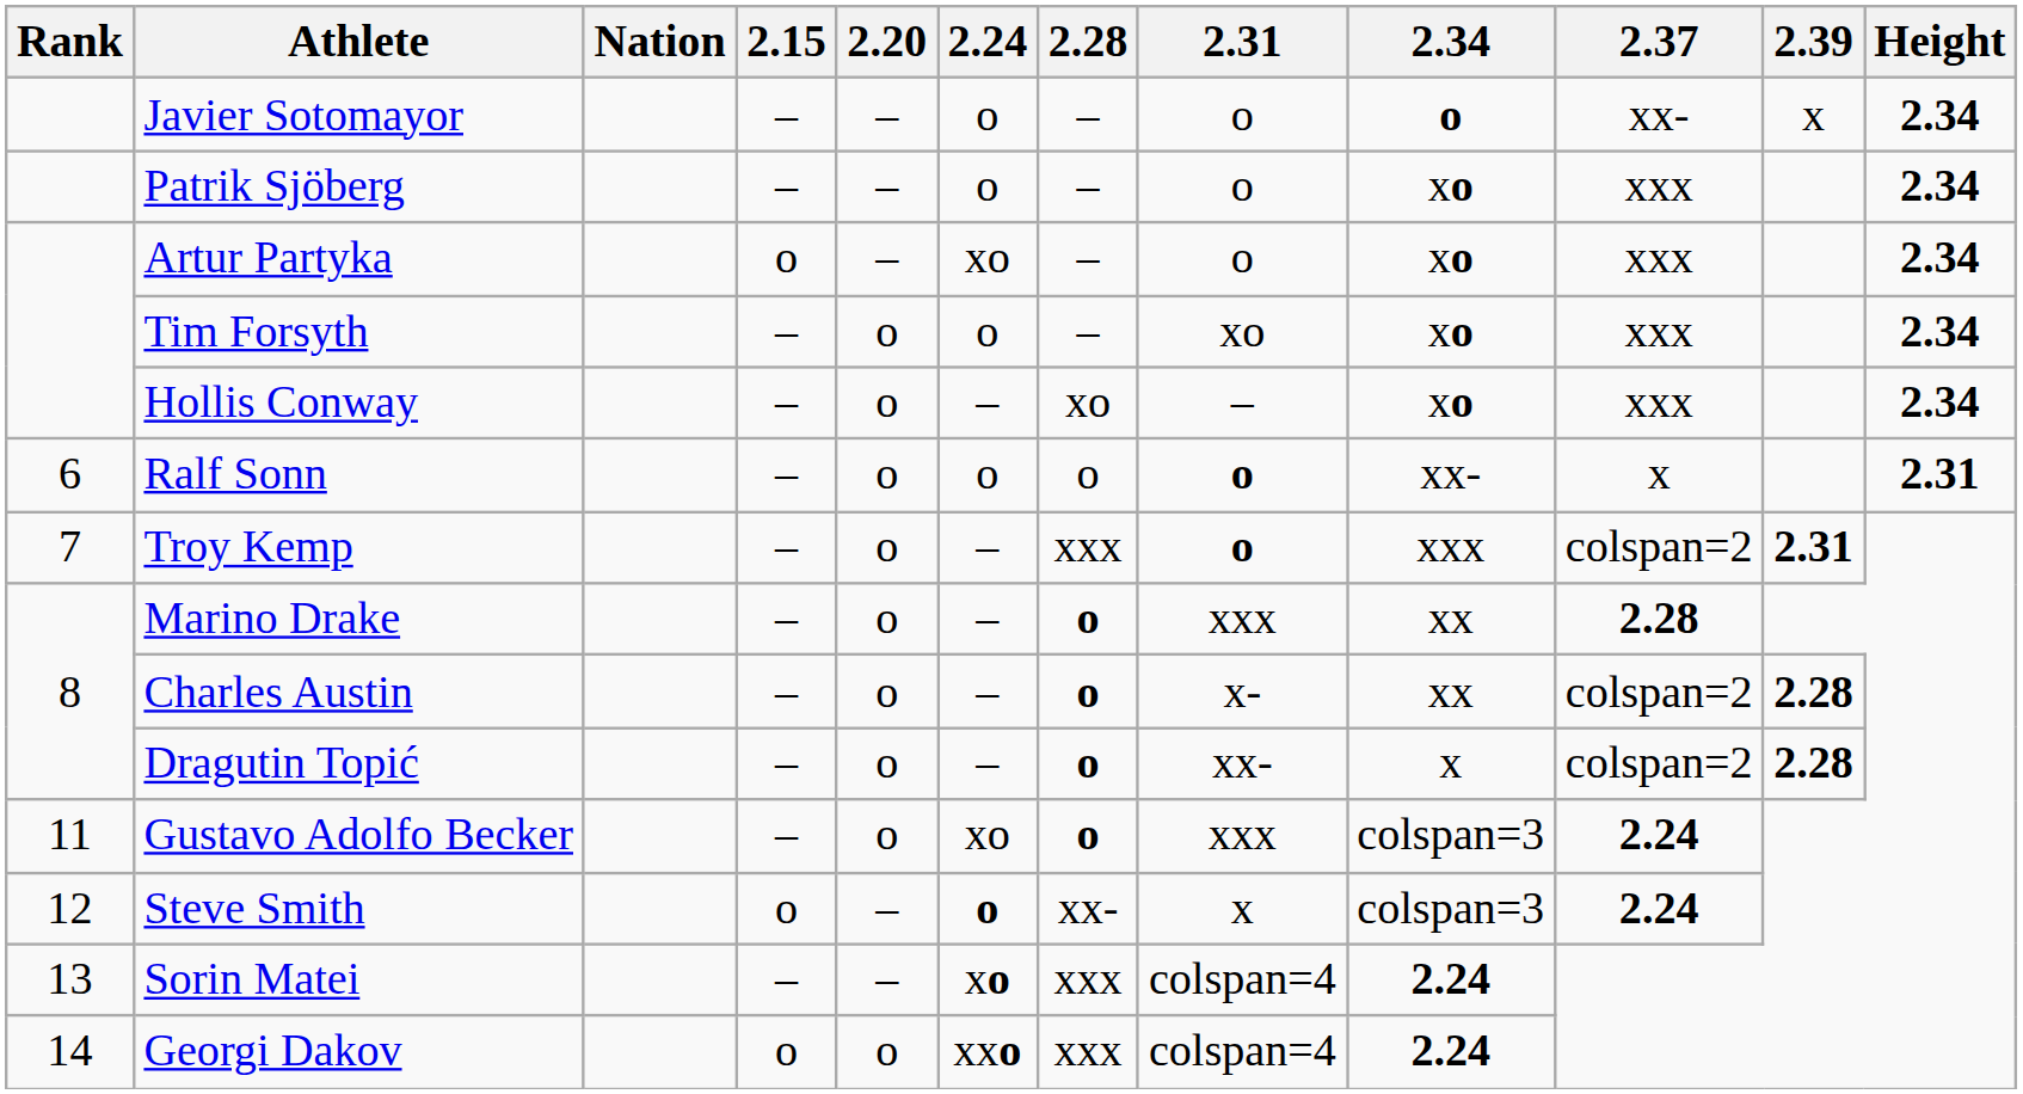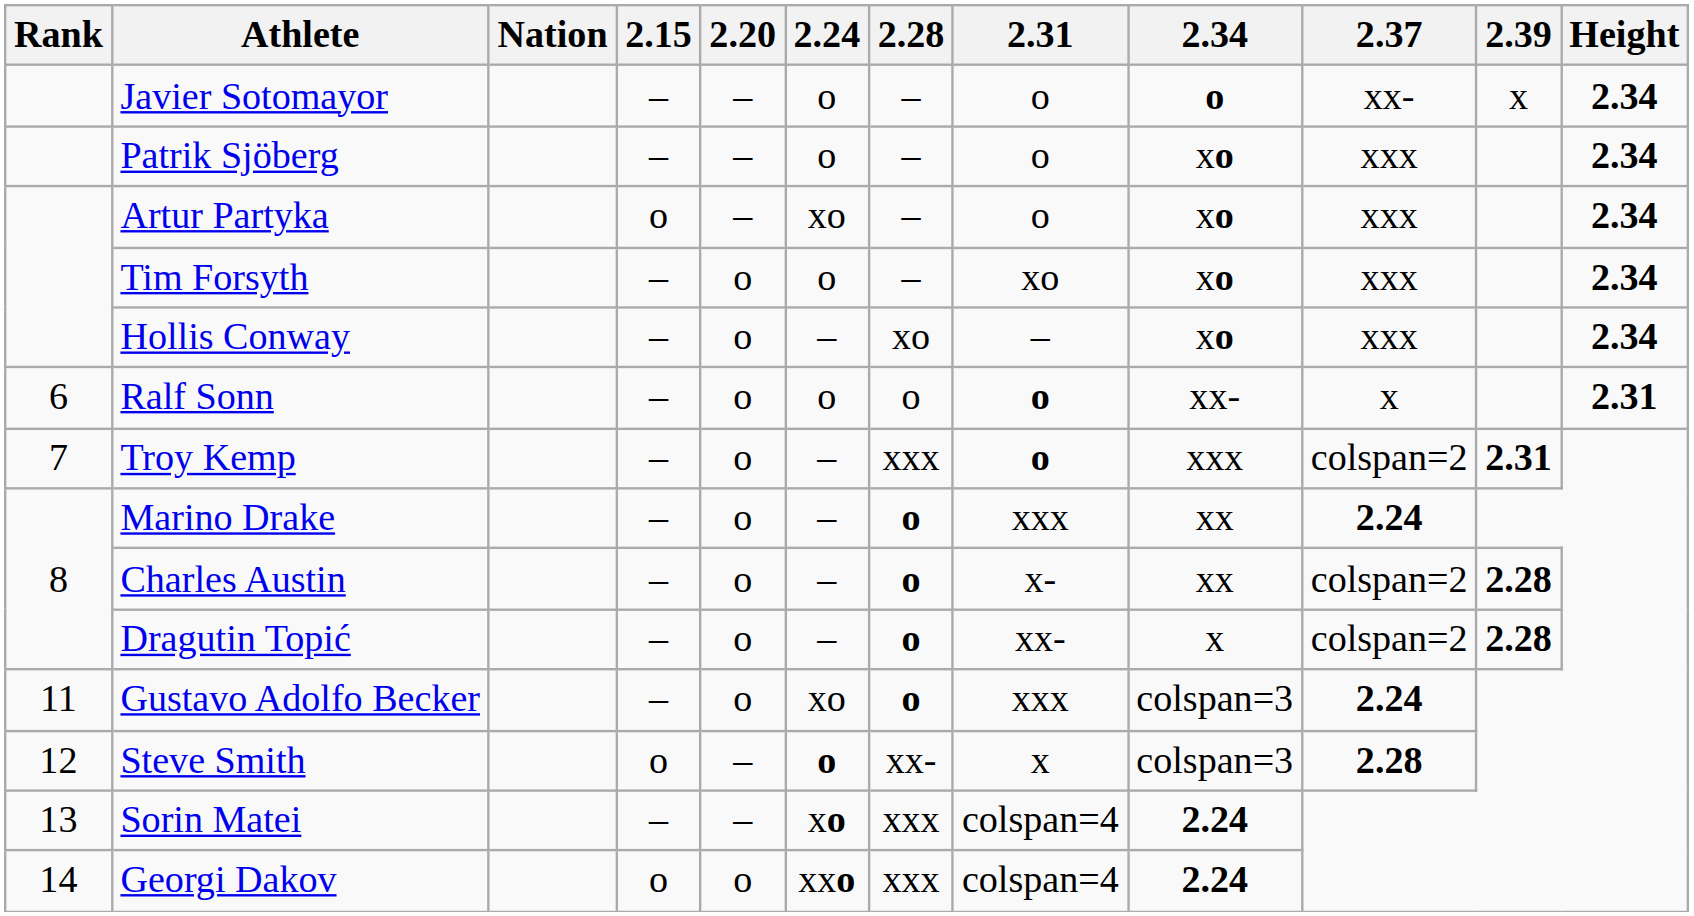 <table class="wikitable sortable" style="text-align:center">
 <tr>
 <th>Rank</th>
 <th>Athlete</th>
 <th>Nation</th>
 <th>2.15</th>
 <th>2.20</th>
 <th>2.24</th>
 <th>2.28</th>
 <th>2.31</th>
 <th>2.34</th>
 <th>2.37</th>
 <th>2.39</th>
 <th>Height</th>
 </tr>
 <tr>
 <td></td>
 <td align="left"><a href='#'>Javier Sotomayor</a></td>
 <td align=left></td>
 <td>–</td>
 <td>–</td>
 <td>o</td>
 <td>–</td>
 <td>o</td>
 <td><strong>o</strong></td>
 <td>xx-</td>
 <td>x</td>
 <td><strong>2.34</strong></td>
 </tr>
 <tr>
 <td></td>
 <td align="left"><a href='#'>Patrik Sjöberg</a></td>
 <td align=left></td>
 <td>–</td>
 <td>–</td>
 <td>o</td>
 <td>–</td>
 <td>o</td>
 <td>x<strong>o</strong></td>
 <td>xxx</td>
 <td></td>
 <td><strong>2.34</strong></td>
 </tr>
 <tr>
 <td rowspan=3></td>
 <td align="left"><a href='#'>Artur Partyka</a></td>
 <td align=left></td>
 <td>o</td>
 <td>–</td>
 <td>xo</td>
 <td>–</td>
 <td>o</td>
 <td>x<strong>o</strong></td>
 <td>xxx</td>
 <td></td>
 <td><strong>2.34</strong></td>
 </tr>
 <tr>
 <td align="left"><a href='#'>Tim Forsyth</a></td>
 <td align=left></td>
 <td>–</td>
 <td>o</td>
 <td>o</td>
 <td>–</td>
 <td>xo</td>
 <td>x<strong>o</strong></td>
 <td>xxx</td>
 <td></td>
 <td><strong>2.34</strong></td>
 </tr>
 <tr>
 <td align="left"><a href='#'>Hollis Conway</a></td>
 <td align=left></td>
 <td>–</td>
 <td>o</td>
 <td>–</td>
 <td>xo</td>
 <td>–</td>
 <td>x<strong>o</strong></td>
 <td>xxx</td>
 <td></td>
 <td><strong>2.34</strong></td>
 </tr>
 <tr>
 <td>6</td>
 <td align="left"><a href='#'>Ralf Sonn</a></td>
 <td align=left></td>
 <td>–</td>
 <td>o</td>
 <td>o</td>
 <td>o</td>
 <td><strong>o</strong></td>
 <td>xx-</td>
 <td>x</td>
 <td></td>
 <td><strong>2.31</strong></td>
 </tr>
 <tr>
 <td>7</td>
 <td align="left"><a href='#'>Troy Kemp</a></td>
 <td align=left></td>
 <td>–</td>
 <td>o</td>
 <td>–</td>
 <td>xxx</td>
 <td><strong>o</strong></td>
 <td>xxx</td>
 <td>colspan=2 </td>
 <td><strong>2.31</strong></td>
 </tr>
 <tr>
 <td rowspan=3>8</td>
 <td align="left"><a href='#'>Marino Drake</a></td>
 <td align=left></td>
 <td>–</td>
 <td>o</td>
 <td>–</td>
 <td><strong>o</strong></td>
 <td>xxx</td>
 <td>xx</td>
-<td><strong>2.28</strong></td>
+<td><strong>2.24</strong></td>
 </tr>
 <tr>
 <td align="left"><a href='#'>Charles Austin</a></td>
 <td align=left></td>
 <td>–</td>
 <td>o</td>
 <td>–</td>
 <td><strong>o</strong></td>
 <td>x-</td>
 <td>xx</td>
 <td>colspan=2 </td>
 <td><strong>2.28</strong></td>
 </tr>
 <tr>
 <td align="left"><a href='#'>Dragutin Topić</a></td>
 <td align=left></td>
 <td>–</td>
 <td>o</td>
 <td>–</td>
 <td><strong>o</strong></td>
 <td>xx-</td>
 <td>x</td>
 <td>colspan=2 </td>
 <td><strong>2.28</strong></td>
 </tr>
 <tr>
 <td>11</td>
 <td align="left"><a href='#'>Gustavo Adolfo Becker</a></td>
 <td align=left></td>
 <td>–</td>
 <td>o</td>
 <td>xo</td>
 <td><strong>o</strong></td>
 <td>xxx</td>
 <td>colspan=3 </td>
 <td><strong>2.24</strong></td>
 </tr>
 <tr>
 <td>12</td>
 <td align="left"><a href='#'>Steve Smith</a></td>
 <td align=left></td>
 <td>o</td>
 <td>–</td>
 <td><strong>o</strong></td>
 <td>xx-</td>
 <td>x</td>
 <td>colspan=3 </td>
-<td><strong>2.24</strong></td>
+<td><strong>2.28</strong></td>
 </tr>
 <tr>
 <td>13</td>
 <td align="left"><a href='#'>Sorin Matei</a></td>
 <td align=left></td>
 <td>–</td>
 <td>–</td>
 <td>x<strong>o</strong></td>
 <td>xxx</td>
 <td>colspan=4 </td>
 <td><strong>2.24</strong></td>
 </tr>
 <tr>
 <td>14</td>
 <td align="left"><a href='#'>Georgi Dakov</a></td>
 <td align=left></td>
 <td>o</td>
 <td>o</td>
 <td>xx<strong>o</strong></td>
 <td>xxx</td>
 <td>colspan=4 </td>
 <td><strong>2.24</strong></td>
 </tr>
 </table>
